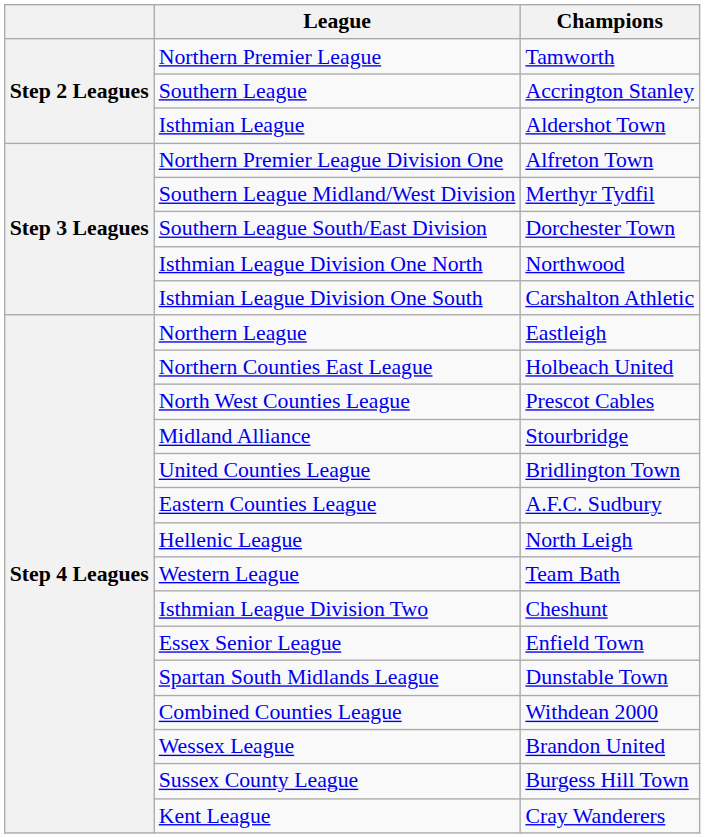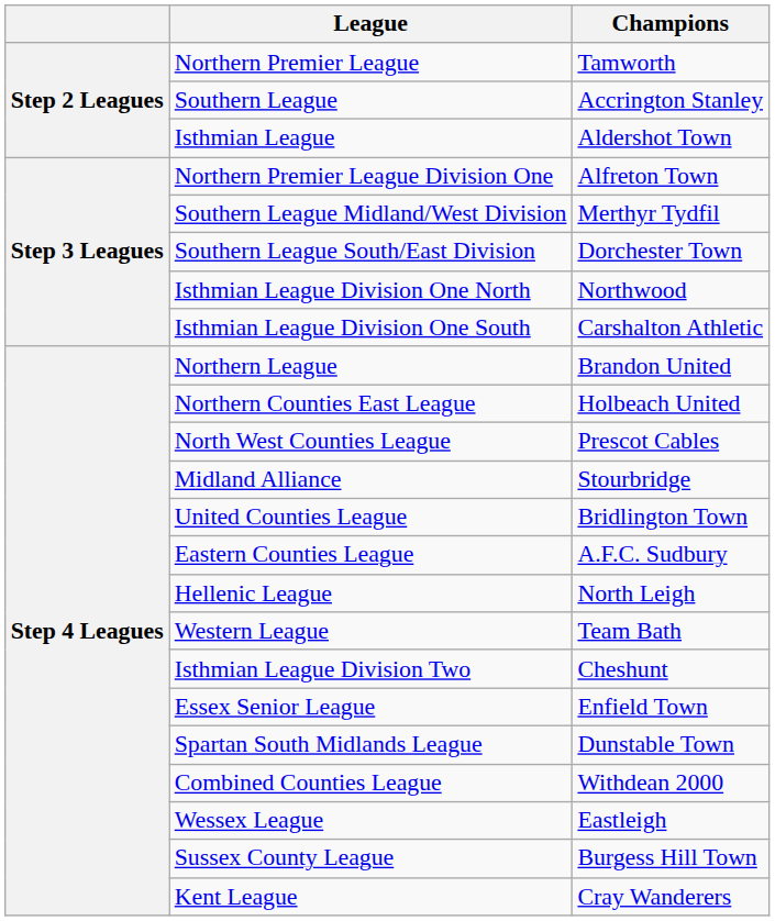 <table class="wikitable">
 <tr>
 <th></th>
 <th>League</th>
 <th>Champions</th>
 </tr>
 <tr>
 <th rowspan="3">Step 2 Leagues</th>
 <td><a href='#'>Northern Premier League</a></td>
 <td><a href='#'>Tamworth</a></td>
 </tr>
 <tr>
 <td><a href='#'>Southern League</a></td>
 <td><a href='#'>Accrington Stanley</a></td>
 </tr>
 <tr>
 <td><a href='#'>Isthmian League</a></td>
 <td><a href='#'>Aldershot Town</a></td>
 </tr>
 <tr>
 <th rowspan="5">Step 3 Leagues</th>
 <td><a href='#'>Northern Premier League Division One</a></td>
 <td><a href='#'>Alfreton Town</a></td>
 </tr>
 <tr>
 <td><a href='#'>Southern League Midland/West Division</a></td>
 <td><a href='#'>Merthyr Tydfil</a></td>
 </tr>
 <tr>
 <td><a href='#'>Southern League South/East Division</a></td>
 <td><a href='#'>Dorchester Town</a></td>
 </tr>
 <tr>
 <td><a href='#'>Isthmian League Division One North</a></td>
 <td><a href='#'>Northwood</a></td>
 </tr>
 <tr>
 <td><a href='#'>Isthmian League Division One South</a></td>
 <td><a href='#'>Carshalton Athletic</a></td>
 </tr>
 <tr>
 <th rowspan="15">Step 4 Leagues</th>
 <td><a href='#'>Northern League</a></td>
-<td><a href='#'>Eastleigh</a></td>
+<td><a href='#'>Brandon United</a></td>
 </tr>
 <tr>
 <td><a href='#'>Northern Counties East League</a></td>
 <td><a href='#'>Holbeach United</a></td>
 </tr>
 <tr>
 <td><a href='#'>North West Counties League</a></td>
 <td><a href='#'>Prescot Cables</a></td>
 </tr>
 <tr>
 <td><a href='#'>Midland Alliance</a></td>
 <td><a href='#'>Stourbridge</a></td>
 </tr>
 <tr>
 <td><a href='#'>United Counties League</a></td>
 <td><a href='#'>Bridlington Town</a></td>
 </tr>
 <tr>
 <td><a href='#'>Eastern Counties League</a></td>
 <td><a href='#'>A.F.C. Sudbury</a></td>
 </tr>
 <tr>
 <td><a href='#'>Hellenic League</a></td>
 <td><a href='#'>North Leigh</a></td>
 </tr>
 <tr>
 <td><a href='#'>Western League</a></td>
 <td><a href='#'>Team Bath</a></td>
 </tr>
 <tr>
 <td><a href='#'>Isthmian League Division Two</a></td>
 <td><a href='#'>Cheshunt</a></td>
 </tr>
 <tr>
 <td><a href='#'>Essex Senior League</a></td>
 <td><a href='#'>Enfield Town</a></td>
 </tr>
 <tr>
 <td><a href='#'>Spartan South Midlands League</a></td>
 <td><a href='#'>Dunstable Town</a></td>
 </tr>
 <tr>
 <td><a href='#'>Combined Counties League</a></td>
 <td><a href='#'>Withdean 2000</a></td>
 </tr>
 <tr>
 <td><a href='#'>Wessex League</a></td>
-<td><a href='#'>Brandon United</a></td>
+<td><a href='#'>Eastleigh</a></td>
 </tr>
 <tr>
 <td><a href='#'>Sussex County League</a></td>
 <td><a href='#'>Burgess Hill Town</a></td>
 </tr>
 <tr>
 <td><a href='#'>Kent League</a></td>
 <td><a href='#'>Cray Wanderers</a></td>
 </tr>
 </table>
